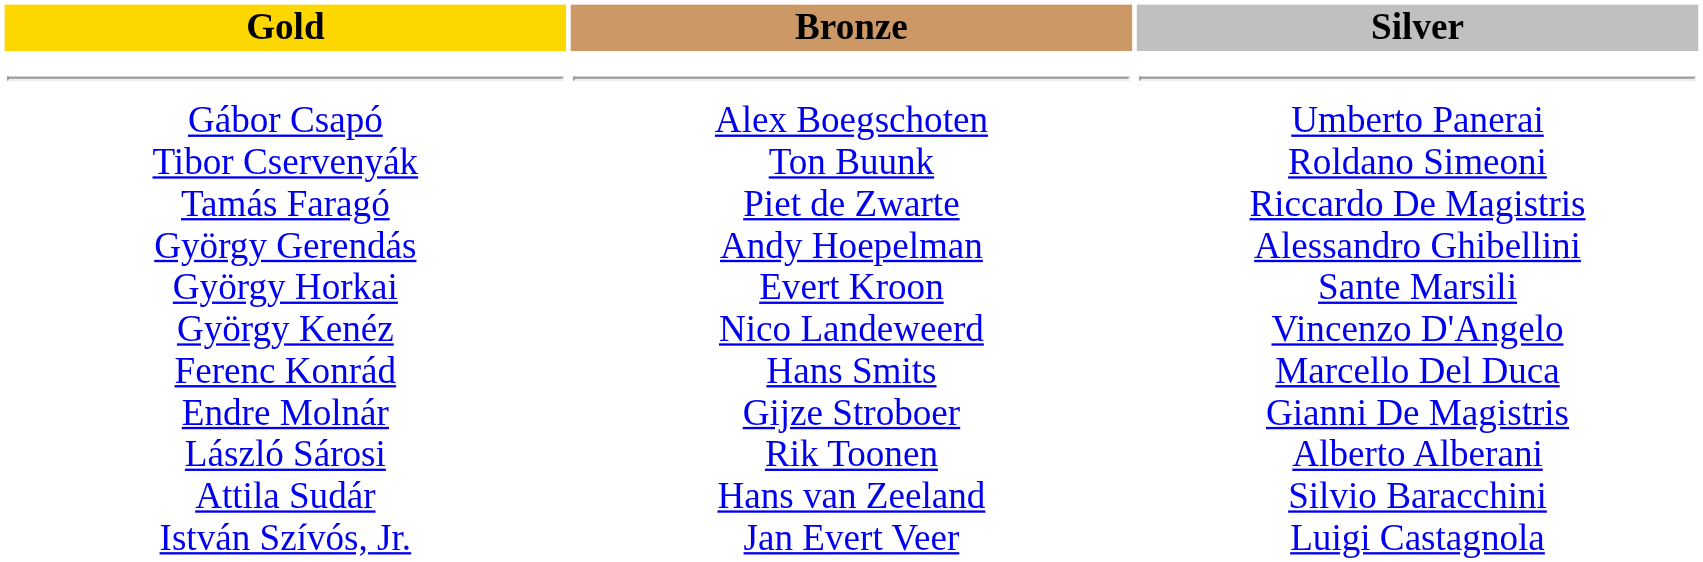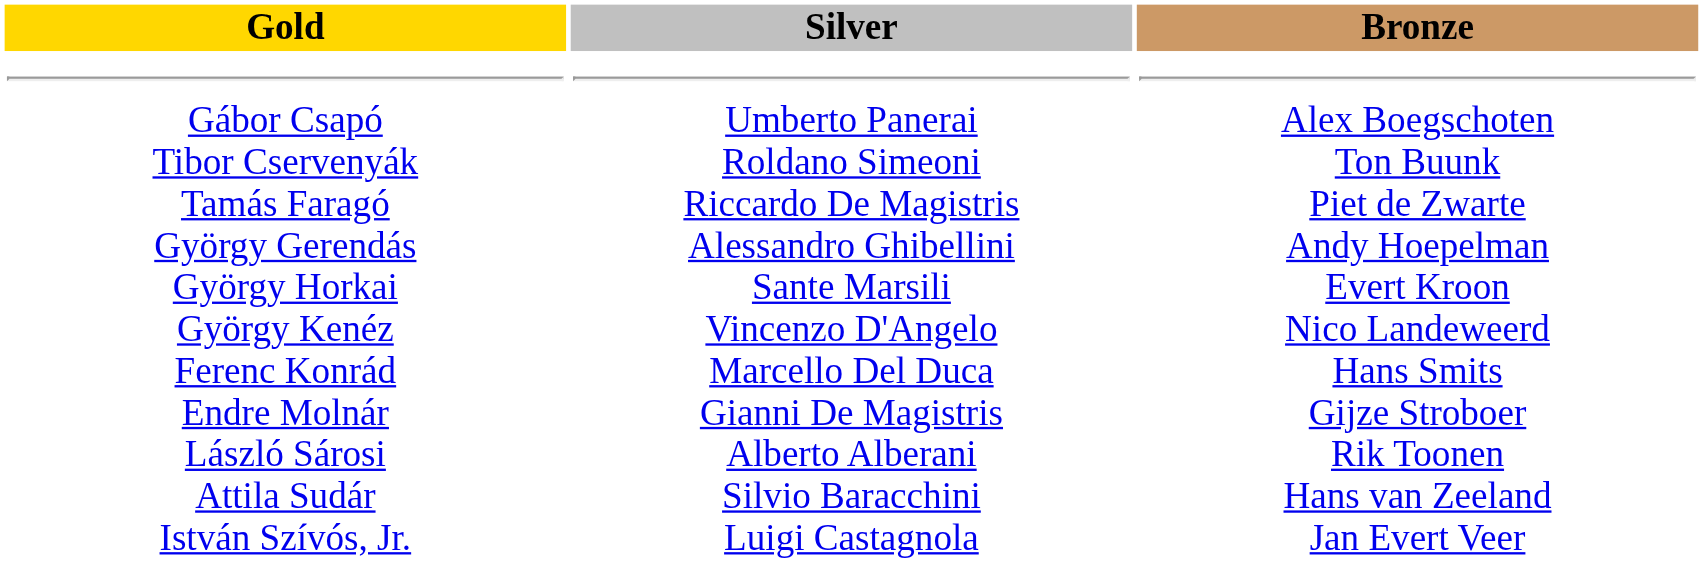 <table class="wiki table">
 <tr align="center">
 <td style="width: 15em" bgcolor="gold"><strong>Gold</strong></td>
+<td style="width: 15em" bgcolor="silver"><strong>Silver</strong></td>
 <td style="width: 15em" bgcolor="CC9966"><strong>Bronze</strong></td>
-<td style="width: 15em" bgcolor="silver"><strong>Silver</strong></td>
 </tr>
 <tr valign="top" align="center">
 <td><hr><a href='#'>Gábor Csapó</a><br><a href='#'>Tibor Cservenyák</a><br><a href='#'>Tamás Faragó</a><br><a href='#'>György Gerendás</a><br><a href='#'>György Horkai</a><br><a href='#'>György Kenéz</a><br><a href='#'>Ferenc Konrád</a><br><a href='#'>Endre Molnár</a><br><a href='#'>László Sárosi</a><br><a href='#'>Attila Sudár</a><br><a href='#'>István Szívós, Jr.</a></td>
+<td><hr><a href='#'>Umberto Panerai</a><br><a href='#'>Roldano Simeoni</a><br><a href='#'>Riccardo De Magistris</a><br><a href='#'>Alessandro Ghibellini</a><br><a href='#'>Sante Marsili</a><br><a href='#'>Vincenzo D'Angelo</a><br><a href='#'>Marcello Del Duca</a><br><a href='#'>Gianni De Magistris</a><br><a href='#'>Alberto Alberani</a><br><a href='#'>Silvio Baracchini</a><br><a href='#'>Luigi Castagnola</a></td>
 <td><hr><a href='#'>Alex Boegschoten</a><br><a href='#'>Ton Buunk</a><br><a href='#'>Piet de Zwarte</a><br><a href='#'>Andy Hoepelman</a><br><a href='#'>Evert Kroon</a><br><a href='#'>Nico Landeweerd</a><br><a href='#'>Hans Smits</a><br><a href='#'>Gijze Stroboer</a><br><a href='#'>Rik Toonen</a><br><a href='#'>Hans van Zeeland</a><br><a href='#'>Jan Evert Veer</a></td>
-<td><hr><a href='#'>Umberto Panerai</a><br><a href='#'>Roldano Simeoni</a><br><a href='#'>Riccardo De Magistris</a><br><a href='#'>Alessandro Ghibellini</a><br><a href='#'>Sante Marsili</a><br><a href='#'>Vincenzo D'Angelo</a><br><a href='#'>Marcello Del Duca</a><br><a href='#'>Gianni De Magistris</a><br><a href='#'>Alberto Alberani</a><br><a href='#'>Silvio Baracchini</a><br><a href='#'>Luigi Castagnola</a></td>
 </tr>
 </table>
